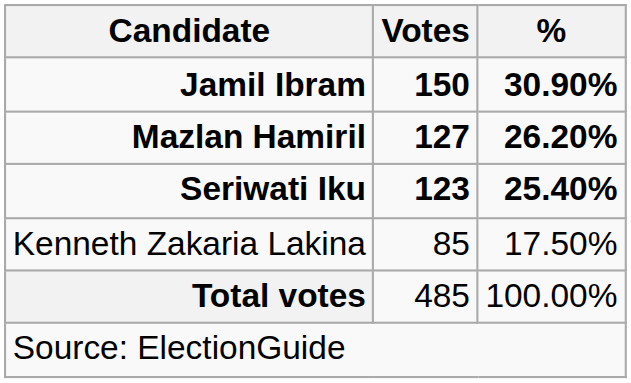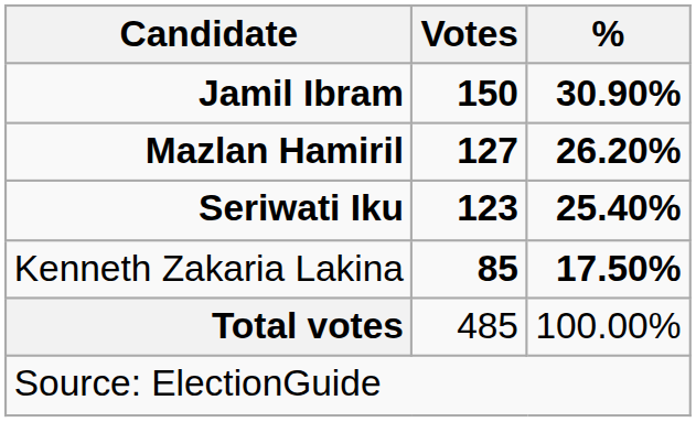 <table class=wikitable style=text-align:right>
 <tr>
 <th>Candidate</th>
 <th>Votes</th>
 <th>%</th>
 </tr>
 <tr>
 <td><strong>Jamil Ibram</strong></td>
 <td><strong>150</strong></td>
 <td><strong>30.90%</strong></td>
 </tr>
 <tr>
 <td><strong>Mazlan Hamiril</strong></td>
 <td><strong>127</strong></td>
 <td><strong>26.20%</strong></td>
 </tr>
 <tr>
 <td><strong>Seriwati Iku</strong></td>
 <td><strong>123</strong></td>
 <td><strong>25.40%</strong></td>
 </tr>
 <tr>
 <td>Kenneth Zakaria Lakina</td>
-<td>85</td>
-<td>17.50%</td>
+<td><strong>85</strong></td>
+<td><strong>17.50%</strong></td>
 </tr>
 <tr>
 <th style=text-align:right>Total votes</th>
 <td>485</td>
 <td>100.00%</td>
 </tr>
 <tr>
 <td align=left colspan=3>Source: ElectionGuide</td>
 </tr>
 </table>
